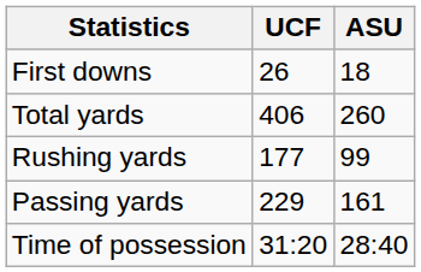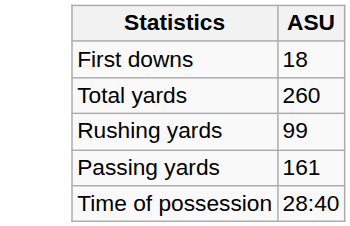 <table class="wikitable" style="float: right;">
 <tr>
 <th>Statistics</th>
-<th>UCF</th>
 <th>ASU</th>
 </tr>
 <tr>
 <td>First downs</td>
-<td>26</td>
 <td>18</td>
 </tr>
 <tr>
 <td>Total yards</td>
-<td>406</td>
 <td>260</td>
 </tr>
 <tr>
 <td>Rushing yards</td>
-<td>177</td>
 <td>99</td>
 </tr>
 <tr>
 <td>Passing yards</td>
-<td>229</td>
 <td>161</td>
 </tr>
 <tr>
 <td>Time of possession</td>
-<td>31:20</td>
 <td>28:40</td>
 </tr>
 </table>
